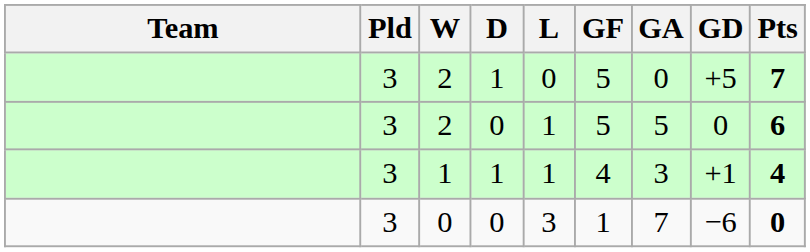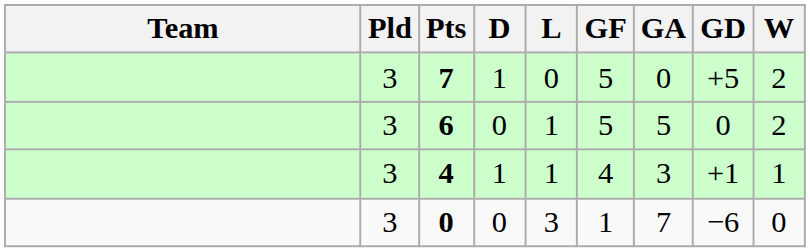 <table class="wikitable" style="text-align:center;">
 <tr>
 <th width=180>Team</th>
 <th width=20>Pld</th>
-<th width=20>W</th>
+<th width=20>Pts</th>
 <th width=20>D</th>
 <th width=20>L</th>
 <th width=20>GF</th>
 <th width=20>GA</th>
 <th width=20>GD</th>
-<th width=20>Pts</th>
+<th width=20>W</th>
 </tr>
 <tr bgcolor="#ccffcc">
 <td align="left"></td>
 <td>3</td>
-<td>2</td>
+<td><strong>7</strong></td>
 <td>1</td>
 <td>0</td>
 <td>5</td>
 <td>0</td>
 <td>+5</td>
-<td><strong>7</strong></td>
+<td>2</td>
 </tr>
 <tr bgcolor="#ccffcc">
 <td align="left"></td>
 <td>3</td>
-<td>2</td>
+<td><strong>6</strong></td>
 <td>0</td>
 <td>1</td>
 <td>5</td>
 <td>5</td>
 <td>0</td>
-<td><strong>6</strong></td>
+<td>2</td>
 </tr>
 <tr bgcolor="#ccffcc">
 <td align="left"></td>
 <td>3</td>
-<td>1</td>
+<td><strong>4</strong></td>
 <td>1</td>
 <td>1</td>
 <td>4</td>
 <td>3</td>
 <td>+1</td>
-<td><strong>4</strong></td>
+<td>1</td>
 </tr>
 <tr>
 <td align="left"><em></em></td>
 <td>3</td>
-<td>0</td>
+<td><strong>0</strong></td>
 <td>0</td>
 <td>3</td>
 <td>1</td>
 <td>7</td>
 <td>−6</td>
-<td><strong>0</strong></td>
+<td>0</td>
 </tr>
 </table>
